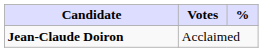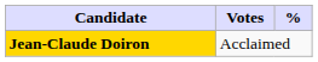 <table class="wikitable">
 <tr>
 <th style="background:#ddf; width:200px;">Candidate</th>
 <th style="background:#ddf; width:50px;">Votes</th>
 <th style="background:#ddf; width:30px;">%</th>
 </tr>
 <tr>
-<td><strong>Jean-Claude Doiron</strong></td>
+<td style="background: gold;"><strong>Jean-Claude Doiron</strong></td>
 <td colspan="2">Acclaimed</td>
 </tr>
 </table>
